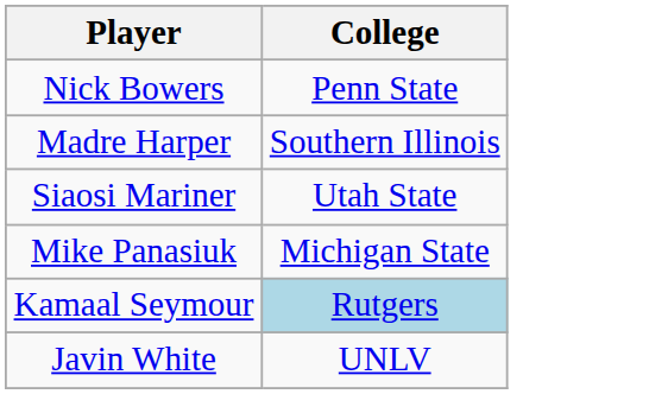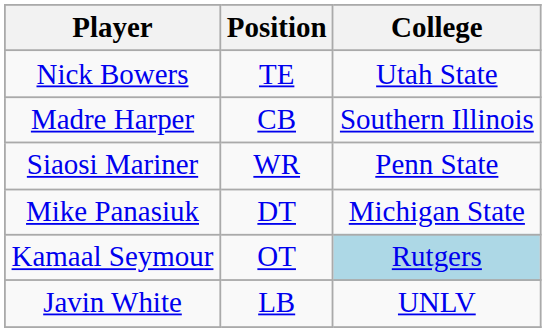 <table class="wikitable" style="text-align:center">
 <tr>
 <th>Player</th>
+<th>Position</th>
 <th>College</th>
 </tr>
 <tr>
 <td><a href='#'>Nick Bowers</a></td>
-<td><a href='#'>Penn State</a></td>
+<td><a href='#'>TE</a></td>
+<td><a href='#'>Utah State</a></td>
 </tr>
 <tr>
 <td><a href='#'>Madre Harper</a></td>
+<td><a href='#'>CB</a></td>
 <td><a href='#'>Southern Illinois</a></td>
 </tr>
 <tr>
 <td><a href='#'>Siaosi Mariner</a></td>
-<td><a href='#'>Utah State</a></td>
+<td><a href='#'>WR</a></td>
+<td><a href='#'>Penn State</a></td>
 </tr>
 <tr>
 <td><a href='#'>Mike Panasiuk</a></td>
+<td><a href='#'>DT</a></td>
 <td><a href='#'>Michigan State</a></td>
 </tr>
 <tr>
 <td><a href='#'>Kamaal Seymour</a></td>
+<td><a href='#'>OT</a></td>
 <td style="background: lightblue;"><a href='#'>Rutgers</a></td>
 </tr>
 <tr>
 <td><a href='#'>Javin White</a></td>
+<td><a href='#'>LB</a></td>
 <td><a href='#'>UNLV</a></td>
 </tr>
 </table>
